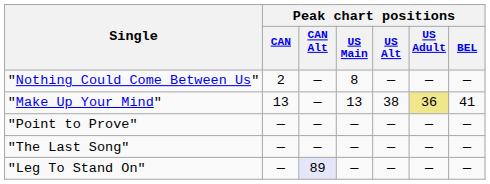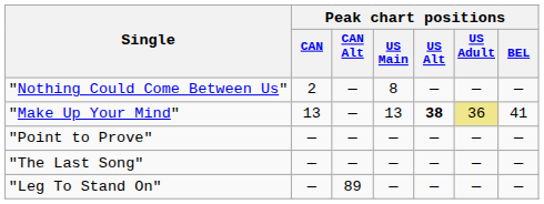 <table class="wikitable" style="text-align:center;">
 <tr>
 <th rowspan="2">Single</th>
 <th colspan="11">Peak chart positions</th>
 </tr>
 <tr style="font-size:smaller;">
 <th width="30"><a href='#'>CAN</a><br><br></th>
 <th width="30"><a href='#'>CAN<br>Alt</a><br><br></th>
 <th width="30"><a href='#'>US<br>Main</a><br></th>
 <th width="30"><a href='#'>US<br>Alt</a><br></th>
 <th width="30"><a href='#'>US<br>Adult</a><br><br></th>
 <th width="30"><a href='#'>BEL</a><br></th>
 </tr>
 <tr>
 <td align="left">"<a href='#'>Nothing Could Come Between Us</a>"</td>
 <td>2</td>
 <td>—</td>
 <td>8</td>
 <td>—</td>
 <td>—</td>
 <td>—</td>
 </tr>
 <tr>
 <td align="left">"<a href='#'>Make Up Your Mind</a>"</td>
 <td>13</td>
 <td>—</td>
 <td>13</td>
-<td>38</td>
+<td><strong>38</strong></td>
 <td style="background: khaki;">36</td>
 <td>41</td>
 </tr>
 <tr>
 <td align="left">"Point to Prove"</td>
 <td>—</td>
 <td>—</td>
 <td>—</td>
 <td>—</td>
 <td>—</td>
 <td>—</td>
 </tr>
 <tr>
 <td align="left">"The Last Song"</td>
 <td>—</td>
 <td>—</td>
 <td>—</td>
 <td>—</td>
 <td>—</td>
 <td>—</td>
 </tr>
 <tr>
 <td align="left">"Leg To Stand On"</td>
 <td>—</td>
-<td style="background: lavender;">89</td>
+<td>89</td>
 <td>—</td>
 <td>—</td>
 <td>—</td>
 <td>—</td>
 </tr>
 </table>
